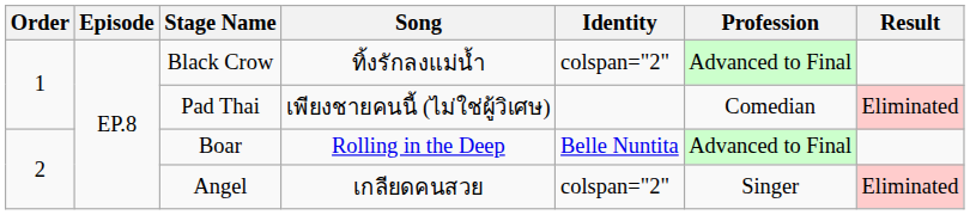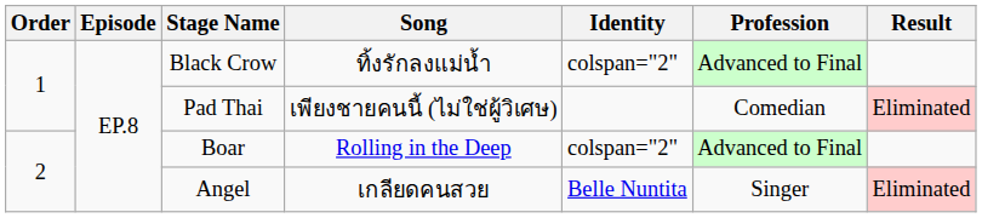 <table class="wikitable">
 <tr>
 <th>Order</th>
 <th>Episode</th>
 <th>Stage Name</th>
 <th>Song</th>
 <th>Identity</th>
 <th>Profession</th>
 <th>Result</th>
 </tr>
 <tr>
 <td rowspan="2" align="center">1</td>
 <td rowspan="4" align="center">EP.8</td>
 <td align="center">Black Crow</td>
 <td align="center">ทิ้งรักลงแม่น้ำ</td>
 <td>colspan="2" </td>
 <td align="center" style="background:#ccffcc">Advanced to Final</td>
 </tr>
 <tr>
 <td align="center">Pad Thai</td>
 <td align="center">เพียงชายคนนี้ (ไม่ใช่ผู้วิเศษ)</td>
 <td align="center"></td>
 <td align="center">Comedian</td>
 <td align="center" style="background:#ffcccc">Eliminated</td>
 </tr>
 <tr>
 <td rowspan="2" align="center">2</td>
 <td align="center">Boar</td>
 <td align="center"><a href='#'>Rolling in the Deep</a></td>
-<td align="center"><a href='#'>Belle Nuntita</a></td>
+<td>colspan="2" </td>
 <td align="center" style="background:#ccffcc">Advanced to Final</td>
 </tr>
 <tr>
 <td align="center">Angel</td>
 <td align="center">เกลียดคนสวย</td>
-<td>colspan="2" </td>
+<td align="center"><a href='#'>Belle Nuntita</a></td>
 <td align="center">Singer</td>
 <td align="center" style="background:#ffcccc">Eliminated</td>
 </tr>
 </table>
